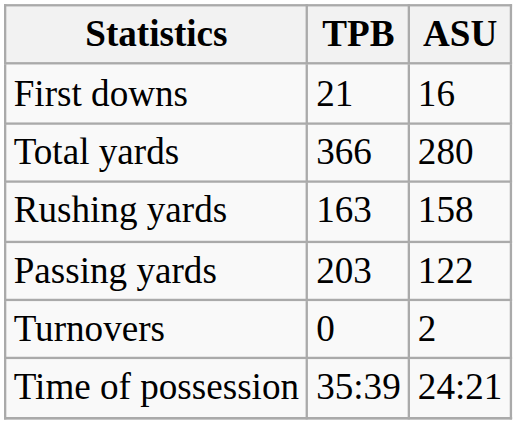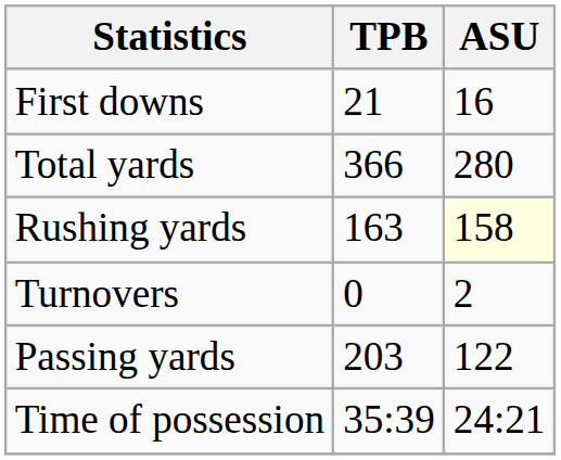 <table class="wikitable" style="float: left;">
 <tr>
 <th>Statistics</th>
 <th>TPB</th>
 <th>ASU</th>
 </tr>
 <tr>
 <td>First downs</td>
 <td>21</td>
 <td>16</td>
 </tr>
 <tr>
 <td>Total yards</td>
 <td>366</td>
 <td>280</td>
 </tr>
 <tr>
 <td>Rushing yards</td>
 <td>163</td>
-<td>158</td>
+<td style="background: lightyellow;">158</td>
+</tr>
+<tr>
+<td>Turnovers</td>
+<td>0</td>
+<td>2</td>
 </tr>
 <tr>
 <td>Passing yards</td>
 <td>203</td>
 <td>122</td>
-</tr>
-<tr>
-<td>Turnovers</td>
-<td>0</td>
-<td>2</td>
 </tr>
 <tr>
 <td>Time of possession</td>
 <td>35:39</td>
 <td>24:21</td>
 </tr>
 <tr>
 </tr>
 </table>
